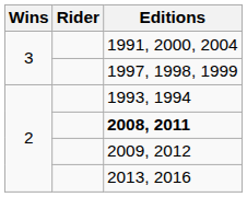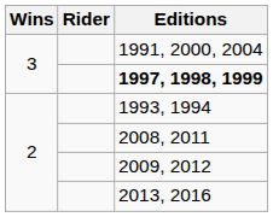 <table class="wikitable">
 <tr>
 <th>Wins</th>
 <th>Rider</th>
 <th>Editions</th>
 </tr>
 <tr>
 <td align=center rowspan= 2>3</td>
 <td></td>
 <td>1991, 2000, 2004</td>
 </tr>
 <tr>
 <td></td>
-<td>1997, 1998, 1999</td>
+<td><strong>1997, 1998, 1999</strong></td>
 </tr>
 <tr>
 <td align=center rowspan= 4>2</td>
 <td></td>
 <td>1993, 1994</td>
 </tr>
 <tr>
 <td></td>
-<td><strong>2008, 2011</strong></td>
+<td>2008, 2011</td>
 </tr>
 <tr>
 <td></td>
 <td>2009, 2012</td>
 </tr>
 <tr>
 <td></td>
 <td>2013, 2016</td>
 </tr>
 </table>
